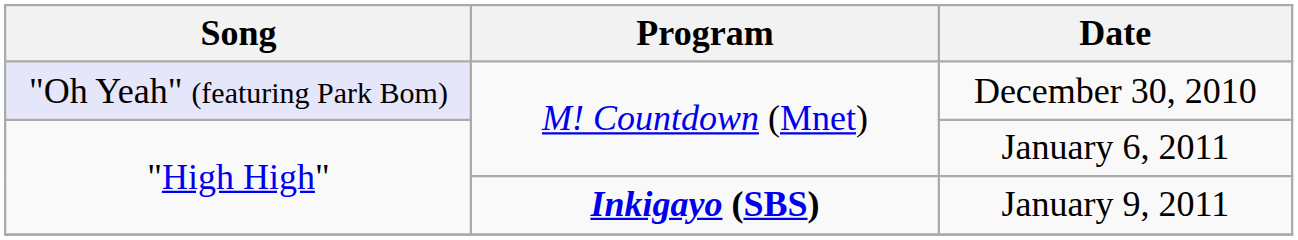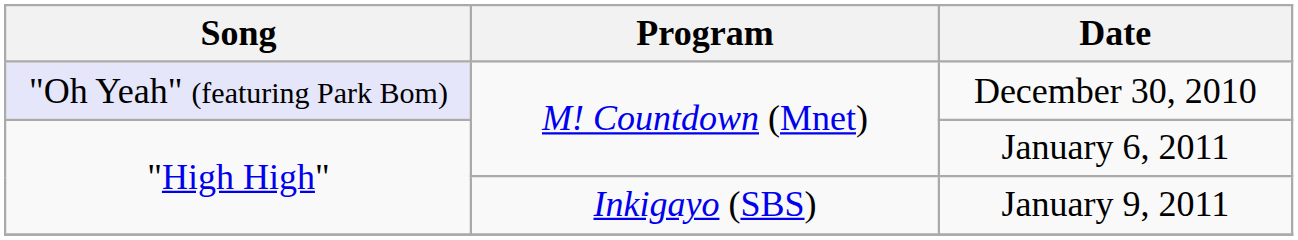 <table class="wikitable" style="text-align:center;">
 <tr>
 <th style="width:200px;">Song</th>
 <th style="width:200px;">Program</th>
 <th style="width:150px;">Date</th>
 </tr>
 <tr>
 <td style="background: lavender;">"Oh Yeah" <small>(featuring Park Bom)</small></td>
 <td rowspan=2><em><a href='#'>M! Countdown</a></em> (<a href='#'>Mnet</a>)</td>
 <td>December 30, 2010</td>
 </tr>
 <tr>
 <td rowspan=2>"<a href='#'>High High</a>"</td>
 <td>January 6, 2011</td>
 </tr>
 <tr>
-<td><strong><em><a href='#'>Inkigayo</a></em> (<a href='#'>SBS</a>)</strong></td>
+<td><em><a href='#'>Inkigayo</a></em> (<a href='#'>SBS</a>)</td>
 <td>January 9, 2011</td>
 </tr>
 <tr>
 </tr>
 </table>
